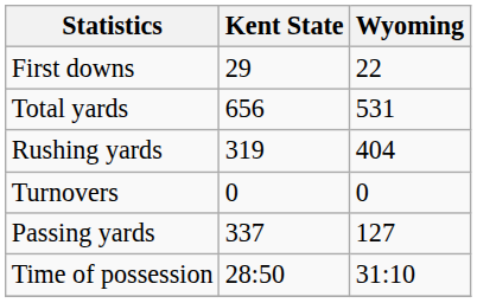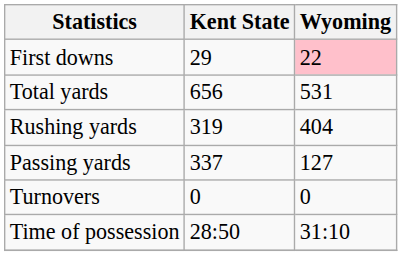 <table class="wikitable">
 <tr>
 <th>Statistics</th>
 <th>Kent State</th>
 <th>Wyoming</th>
 </tr>
 <tr>
 <td>First downs</td>
 <td>29</td>
-<td>22</td>
+<td style="background: pink;">22</td>
 </tr>
 <tr>
 <td>Total yards</td>
 <td>656</td>
 <td>531</td>
 </tr>
 <tr>
 <td>Rushing yards</td>
 <td>319</td>
 <td>404</td>
 </tr>
 <tr>
+<td>Passing yards</td>
+<td>337</td>
+<td>127</td>
+</tr>
+<tr>
 <td>Turnovers</td>
 <td>0</td>
 <td>0</td>
-</tr>
-<tr>
-<td>Passing yards</td>
-<td>337</td>
-<td>127</td>
 </tr>
 <tr>
 <td>Time of possession</td>
 <td>28:50</td>
 <td>31:10</td>
 </tr>
 <tr>
 </tr>
 </table>
